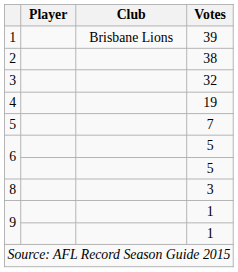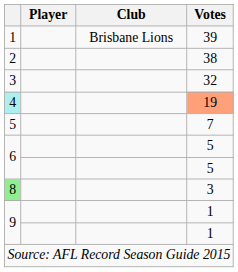 <table class="wikitable sortable" style="text-align:center">
 <tr>
 <th></th>
 <th>Player</th>
 <th>Club</th>
 <th>Votes</th>
 </tr>
 <tr>
 <td>1</td>
 <td></td>
 <td>Brisbane Lions</td>
 <td>39</td>
 </tr>
 <tr>
 <td>2</td>
 <td></td>
 <td></td>
 <td>38</td>
 </tr>
 <tr>
 <td>3</td>
 <td></td>
 <td></td>
 <td>32</td>
 </tr>
 <tr>
-<td>4</td>
+<td style="background: paleturquoise;">4</td>
 <td></td>
 <td></td>
-<td>19</td>
+<td style="background: lightsalmon;">19</td>
 </tr>
 <tr>
 <td>5</td>
 <td></td>
 <td></td>
 <td>7</td>
 </tr>
 <tr>
 <td rowspan=2>6</td>
 <td></td>
 <td></td>
 <td>5</td>
 </tr>
 <tr>
 <td></td>
 <td></td>
 <td>5</td>
 </tr>
 <tr>
-<td>8</td>
+<td style="background: lightgreen;">8</td>
 <td></td>
 <td></td>
 <td>3</td>
 </tr>
 <tr>
 <td rowspan=2>9</td>
 <td></td>
 <td></td>
 <td>1</td>
 </tr>
 <tr>
 <td></td>
 <td></td>
 <td>1</td>
 </tr>
 <tr class="sortbottom">
 <td colspan=4><em>Source: AFL Record Season Guide 2015</em></td>
 </tr>
 </table>
